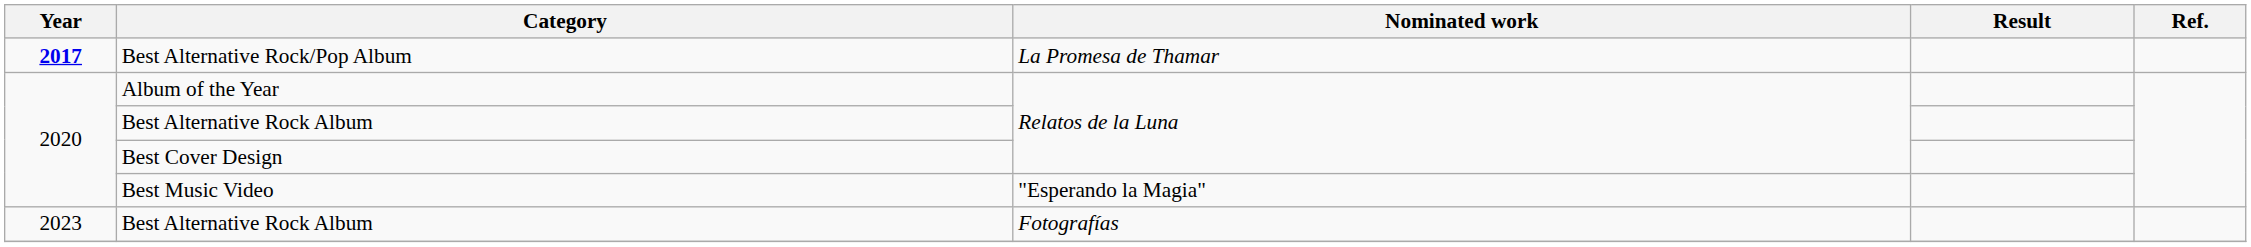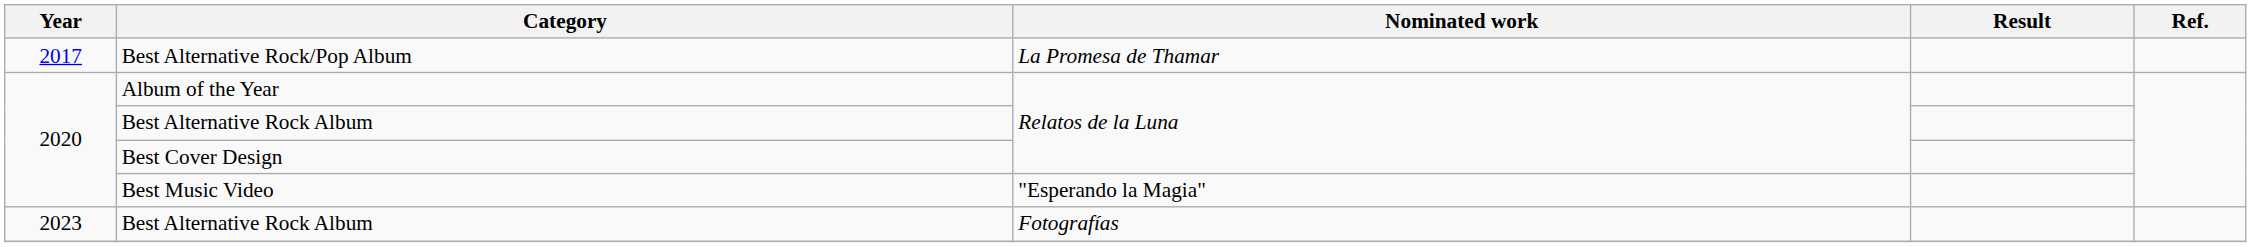 <table class="wikitable" style="width:85%;">
 <tr>
 <th width=5%>Year</th>
 <th style="width:40%;">Category</th>
 <th style="width:40%;">Nominated work</th>
 <th style="width:10%;">Result</th>
 <th style="width:5%;">Ref.</th>
 </tr>
 <tr>
-<td style="text-align:center;"><strong><a href='#'>2017</a></strong></td>
+<td style="text-align:center;"><a href='#'>2017</a></td>
 <td>Best Alternative Rock/Pop Album</td>
 <td><em>La Promesa de Thamar</em></td>
 <td></td>
 <td></td>
 </tr>
 <tr>
 <td rowspan="4" style="text-align:center;">2020</td>
 <td>Album of the Year</td>
 <td rowspan="3"><em>Relatos de la Luna</em></td>
 <td></td>
 <td rowspan="4"></td>
 </tr>
 <tr>
 <td>Best Alternative Rock Album</td>
 <td></td>
 </tr>
 <tr>
 <td>Best Cover Design</td>
 <td></td>
 </tr>
 <tr>
 <td>Best Music Video</td>
 <td>"Esperando la Magia"</td>
 <td></td>
 </tr>
 <tr>
 <td align="center">2023</td>
 <td>Best Alternative Rock Album</td>
 <td><em>Fotografías</em></td>
 <td></td>
 <td></td>
 </tr>
 <tr>
 </tr>
 </table>
